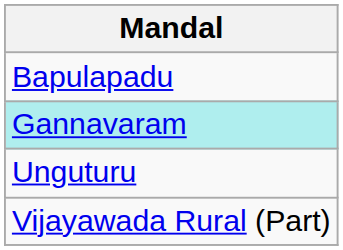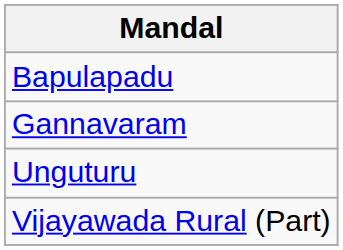 <table class="wikitable sortable static-row-numbers static-row-header-hash">
 <tr>
 <th>Mandal</th>
 </tr>
 <tr>
 <td><a href='#'>Bapulapadu</a></td>
 </tr>
 <tr>
-<td style="background: paleturquoise;"><a href='#'>Gannavaram</a></td>
+<td><a href='#'>Gannavaram</a></td>
 </tr>
 <tr>
 <td><a href='#'>Unguturu</a></td>
 </tr>
 <tr>
 <td><a href='#'>Vijayawada Rural</a> (Part)</td>
 </tr>
 </table>
